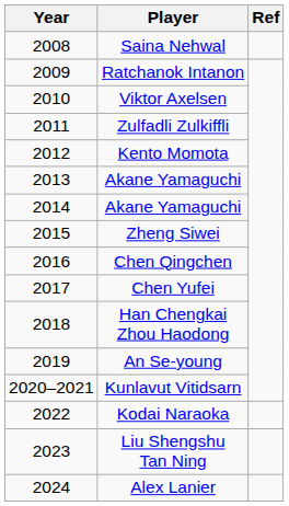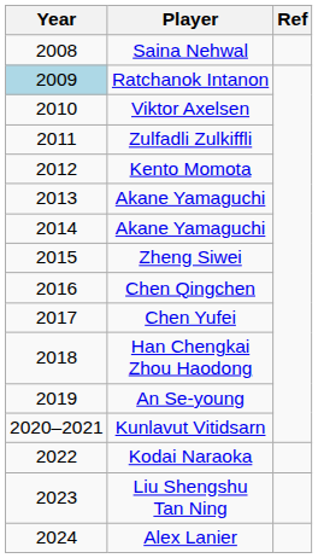 <table class="wikitable" style="text-align:center;">
 <tr>
 <th>Year</th>
 <th>Player</th>
 <th>Ref</th>
 </tr>
 <tr>
 <td>2008</td>
 <td> <a href='#'>Saina Nehwal</a></td>
 <td></td>
 </tr>
 <tr>
-<td>2009</td>
+<td style="background: lightblue;">2009</td>
 <td> <a href='#'>Ratchanok Intanon</a></td>
 <td rowspan=12></td>
 </tr>
 <tr>
 <td>2010</td>
 <td> <a href='#'>Viktor Axelsen</a></td>
 </tr>
 <tr>
 <td>2011</td>
 <td> <a href='#'>Zulfadli Zulkiffli</a></td>
 </tr>
 <tr>
 <td>2012</td>
 <td> <a href='#'>Kento Momota</a></td>
 </tr>
 <tr>
 <td>2013</td>
 <td> <a href='#'>Akane Yamaguchi</a></td>
 </tr>
 <tr>
 <td>2014</td>
 <td> <a href='#'>Akane Yamaguchi</a></td>
 </tr>
 <tr>
 <td>2015</td>
 <td> <a href='#'>Zheng Siwei</a></td>
 </tr>
 <tr>
 <td>2016</td>
 <td> <a href='#'>Chen Qingchen</a></td>
 </tr>
 <tr>
 <td>2017</td>
 <td> <a href='#'>Chen Yufei</a></td>
 </tr>
 <tr>
 <td>2018</td>
 <td> <a href='#'>Han Chengkai</a><br><a href='#'>Zhou Haodong</a></td>
 </tr>
 <tr>
 <td>2019</td>
 <td> <a href='#'>An Se-young</a></td>
 </tr>
 <tr>
 <td>2020–2021</td>
 <td> <a href='#'>Kunlavut Vitidsarn</a></td>
 </tr>
 <tr>
 <td>2022</td>
 <td> <a href='#'>Kodai Naraoka</a></td>
 <td></td>
 </tr>
 <tr>
 <td>2023</td>
 <td> <a href='#'>Liu Shengshu</a><br><a href='#'>Tan Ning</a></td>
 <td></td>
 </tr>
 <tr>
 <td>2024</td>
 <td> <a href='#'>Alex Lanier</a></td>
 <td></td>
 </tr>
 </table>
